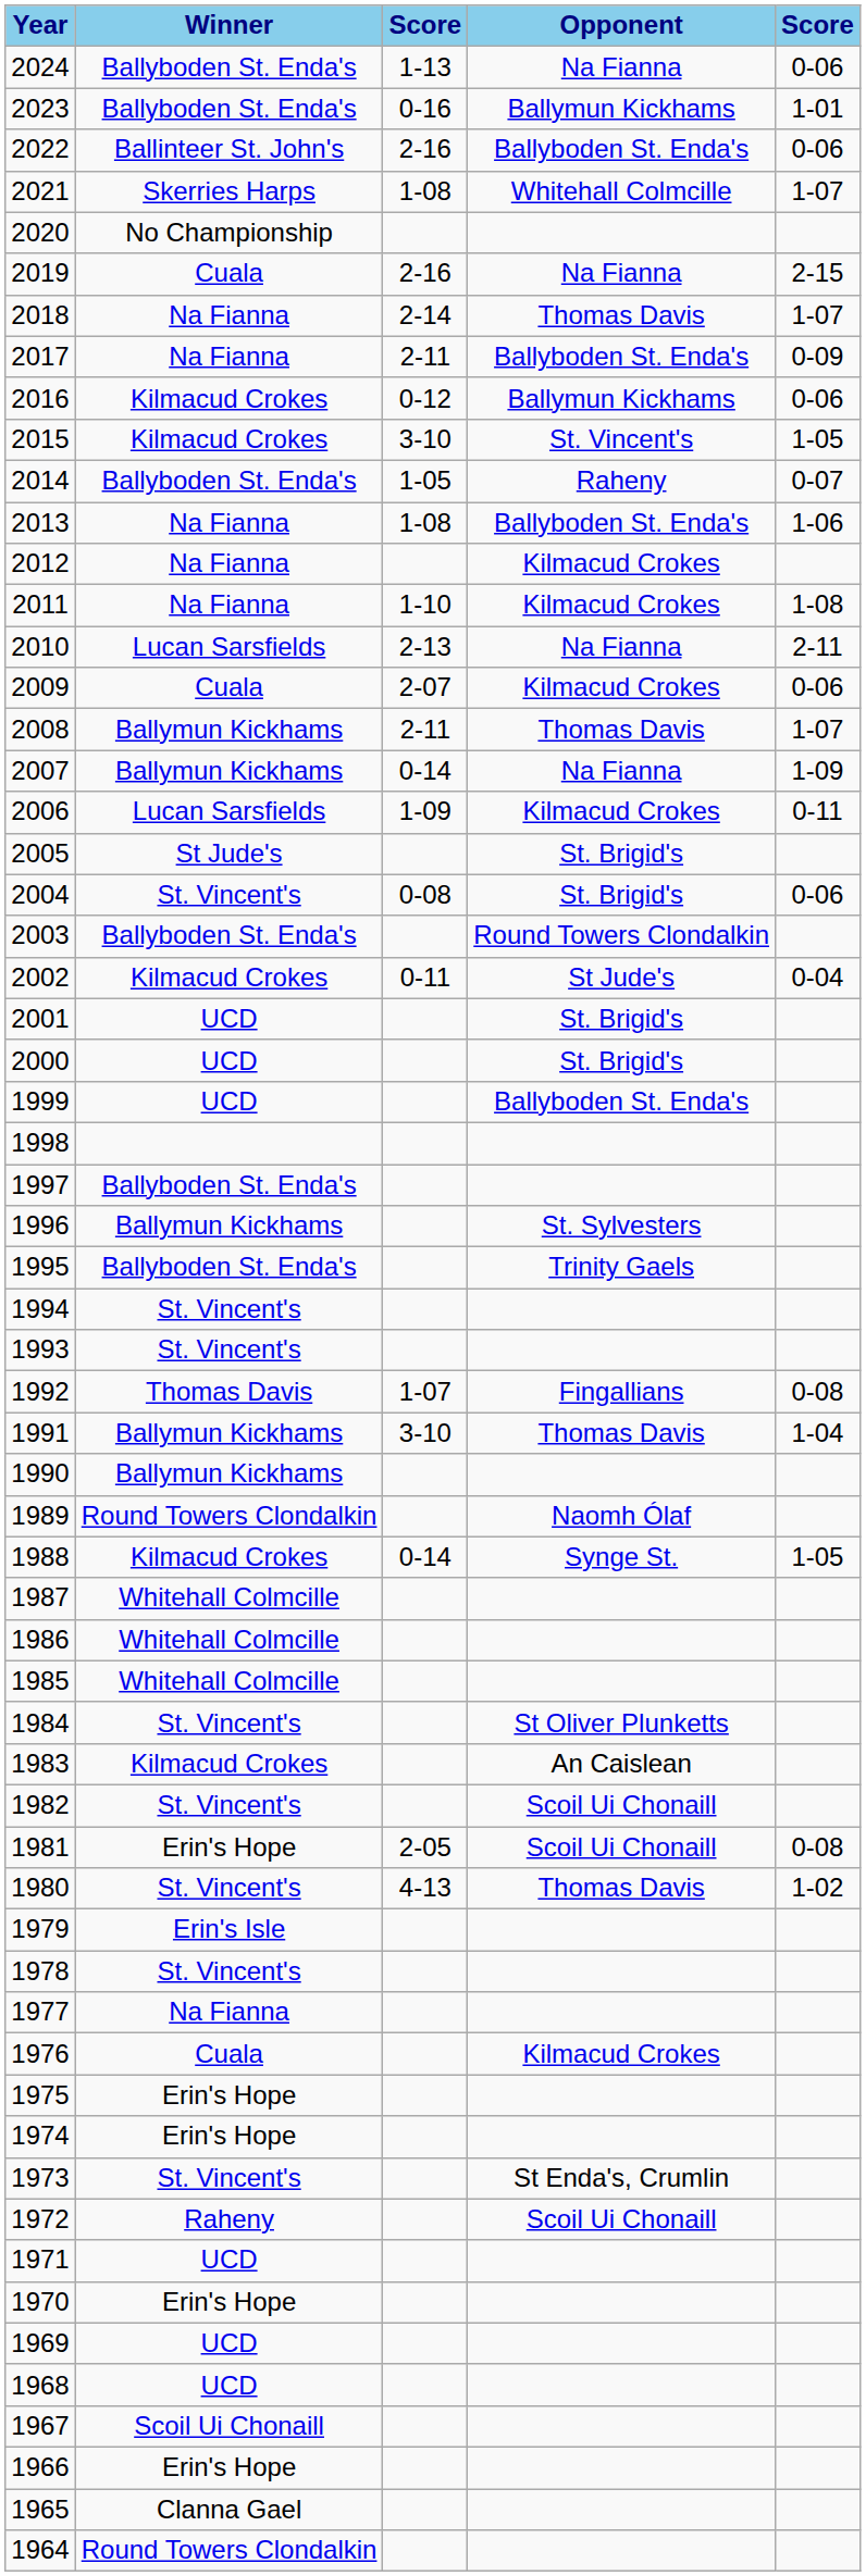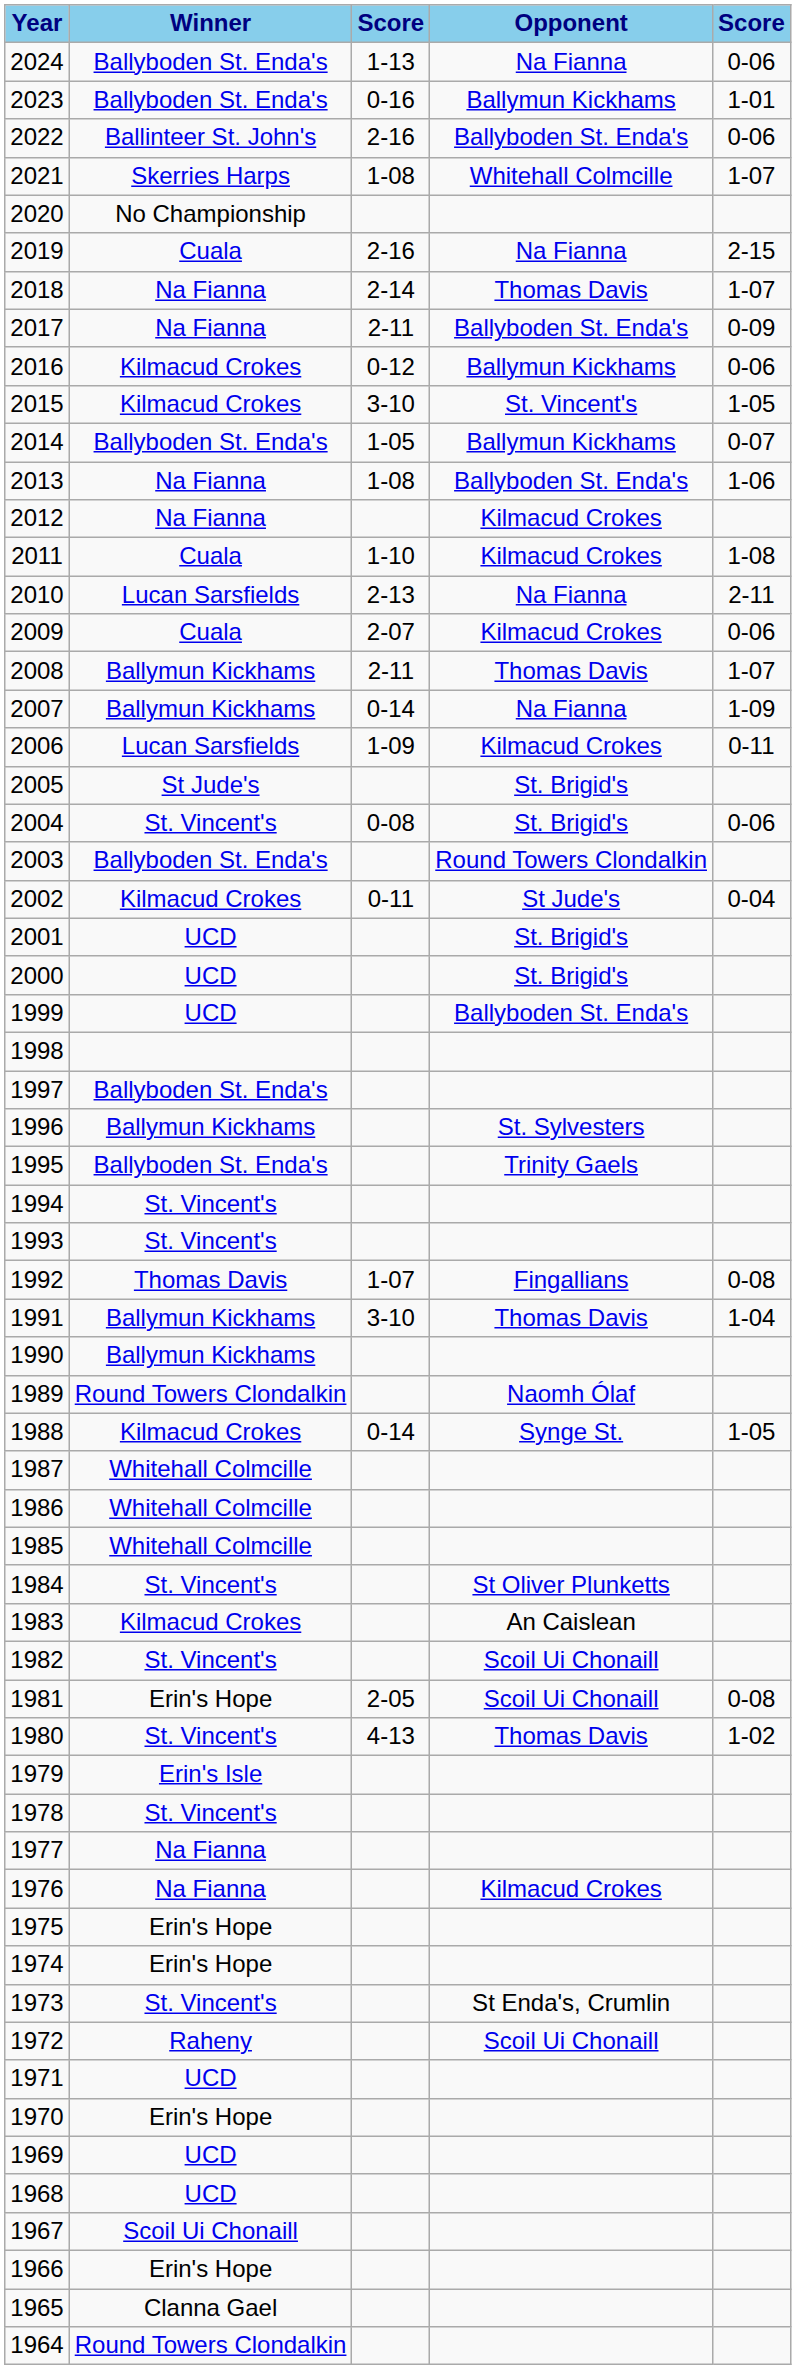 <table class="wikitable" style="text-align:center;">
 <tr>
 <th style="background:skyblue;color:navy;">Year</th>
 <th style="background:skyblue;color:navy;">Winner</th>
 <th style="background:skyblue;color:navy;">Score</th>
 <th style="background:skyblue;color:navy;">Opponent</th>
 <th style="background:skyblue;color:navy;">Score</th>
 </tr>
 <tr>
 <td>2024</td>
 <td><a href='#'>Ballyboden St. Enda's</a></td>
 <td>1-13</td>
 <td><a href='#'>Na Fianna</a></td>
 <td>0-06</td>
 </tr>
 <tr>
 <td>2023</td>
 <td><a href='#'>Ballyboden St. Enda's</a></td>
 <td>0-16</td>
 <td><a href='#'>Ballymun Kickhams</a></td>
 <td>1-01</td>
 </tr>
 <tr>
 <td>2022</td>
 <td><a href='#'>Ballinteer St. John's</a></td>
 <td>2-16</td>
 <td><a href='#'>Ballyboden St. Enda's</a></td>
 <td>0-06</td>
 </tr>
 <tr>
 <td>2021</td>
 <td><a href='#'>Skerries Harps</a></td>
 <td>1-08</td>
 <td><a href='#'>Whitehall Colmcille</a></td>
 <td>1-07</td>
 </tr>
 <tr>
 <td>2020</td>
 <td>No Championship</td>
 <td></td>
 <td></td>
 <td></td>
 </tr>
 <tr>
 <td>2019</td>
 <td><a href='#'>Cuala</a></td>
 <td>2-16</td>
 <td><a href='#'>Na Fianna</a></td>
 <td>2-15</td>
 </tr>
 <tr>
 <td>2018</td>
 <td><a href='#'>Na Fianna</a></td>
 <td>2-14</td>
 <td><a href='#'>Thomas Davis</a></td>
 <td>1-07</td>
 </tr>
 <tr>
 <td>2017</td>
 <td><a href='#'>Na Fianna</a></td>
 <td>2-11</td>
 <td><a href='#'>Ballyboden St. Enda's</a></td>
 <td>0-09</td>
 </tr>
 <tr>
 <td>2016</td>
 <td><a href='#'>Kilmacud Crokes</a></td>
 <td>0-12</td>
 <td><a href='#'>Ballymun Kickhams</a></td>
 <td>0-06</td>
 </tr>
 <tr>
 <td>2015</td>
 <td><a href='#'>Kilmacud Crokes</a></td>
 <td>3-10</td>
 <td><a href='#'>St. Vincent's</a></td>
 <td>1-05</td>
 </tr>
 <tr>
 <td>2014</td>
 <td><a href='#'>Ballyboden St. Enda's</a></td>
 <td>1-05</td>
-<td><a href='#'>Raheny</a></td>
+<td><a href='#'>Ballymun Kickhams</a></td>
 <td>0-07</td>
 </tr>
 <tr>
 <td>2013</td>
 <td><a href='#'>Na Fianna</a></td>
 <td>1-08</td>
 <td><a href='#'>Ballyboden St. Enda's</a></td>
 <td>1-06</td>
 </tr>
 <tr>
 <td>2012</td>
 <td><a href='#'>Na Fianna</a></td>
 <td></td>
 <td><a href='#'>Kilmacud Crokes</a></td>
 <td></td>
 </tr>
 <tr>
 <td>2011</td>
-<td><a href='#'>Na Fianna</a></td>
+<td><a href='#'>Cuala</a></td>
 <td>1-10</td>
 <td><a href='#'>Kilmacud Crokes</a></td>
 <td>1-08</td>
 </tr>
 <tr>
 <td>2010</td>
 <td><a href='#'>Lucan Sarsfields</a></td>
 <td>2-13</td>
 <td><a href='#'>Na Fianna</a></td>
 <td>2-11</td>
 </tr>
 <tr>
 <td>2009</td>
 <td><a href='#'>Cuala</a></td>
 <td>2-07</td>
 <td><a href='#'>Kilmacud Crokes</a></td>
 <td>0-06</td>
 </tr>
 <tr>
 <td>2008</td>
 <td><a href='#'>Ballymun Kickhams</a></td>
 <td>2-11</td>
 <td><a href='#'>Thomas Davis</a></td>
 <td>1-07</td>
 </tr>
 <tr>
 <td>2007</td>
 <td><a href='#'>Ballymun Kickhams</a></td>
 <td>0-14</td>
 <td><a href='#'>Na Fianna</a></td>
 <td>1-09</td>
 </tr>
 <tr>
 <td>2006</td>
 <td><a href='#'>Lucan Sarsfields</a></td>
 <td>1-09</td>
 <td><a href='#'>Kilmacud Crokes</a></td>
 <td>0-11</td>
 </tr>
 <tr>
 <td>2005</td>
 <td><a href='#'>St Jude's</a></td>
 <td></td>
 <td><a href='#'>St. Brigid's</a></td>
 <td></td>
 </tr>
 <tr>
 <td>2004</td>
 <td><a href='#'>St. Vincent's</a></td>
 <td>0-08</td>
 <td><a href='#'>St. Brigid's</a></td>
 <td>0-06</td>
 </tr>
 <tr>
 <td>2003</td>
 <td><a href='#'>Ballyboden St. Enda's</a></td>
 <td></td>
 <td><a href='#'>Round Towers Clondalkin</a></td>
 <td></td>
 </tr>
 <tr>
 <td>2002</td>
 <td><a href='#'>Kilmacud Crokes</a></td>
 <td>0-11</td>
 <td><a href='#'>St Jude's</a></td>
 <td>0-04</td>
 </tr>
 <tr>
 <td>2001</td>
 <td><a href='#'>UCD</a></td>
 <td></td>
 <td><a href='#'>St. Brigid's</a></td>
 <td></td>
 </tr>
 <tr>
 <td>2000</td>
 <td><a href='#'>UCD</a></td>
 <td></td>
 <td><a href='#'>St. Brigid's</a></td>
 <td></td>
 </tr>
 <tr>
 <td>1999</td>
 <td><a href='#'>UCD</a></td>
 <td></td>
 <td><a href='#'>Ballyboden St. Enda's</a></td>
 <td></td>
 </tr>
 <tr>
 <td>1998</td>
 <td></td>
 <td></td>
 <td></td>
 <td></td>
 </tr>
 <tr>
 <td>1997</td>
 <td><a href='#'>Ballyboden St. Enda's</a></td>
 <td></td>
 <td></td>
 <td></td>
 </tr>
 <tr>
 <td>1996</td>
 <td><a href='#'>Ballymun Kickhams</a></td>
 <td></td>
 <td><a href='#'>St. Sylvesters</a></td>
 <td></td>
 </tr>
 <tr>
 <td>1995</td>
 <td><a href='#'>Ballyboden St. Enda's</a></td>
 <td></td>
 <td><a href='#'>Trinity Gaels</a></td>
 <td></td>
 </tr>
 <tr>
 <td>1994</td>
 <td><a href='#'>St. Vincent's</a></td>
 <td></td>
 <td></td>
 <td></td>
 </tr>
 <tr>
 <td>1993</td>
 <td><a href='#'>St. Vincent's</a></td>
 <td></td>
 <td></td>
 <td></td>
 </tr>
 <tr>
 <td>1992</td>
 <td><a href='#'>Thomas Davis</a></td>
 <td>1-07</td>
 <td><a href='#'>Fingallians</a></td>
 <td>0-08</td>
 </tr>
 <tr>
 <td>1991</td>
 <td><a href='#'>Ballymun Kickhams</a></td>
 <td>3-10</td>
 <td><a href='#'>Thomas Davis</a></td>
 <td>1-04</td>
 </tr>
 <tr>
 <td>1990</td>
 <td><a href='#'>Ballymun Kickhams</a></td>
 <td></td>
 <td></td>
 <td></td>
 </tr>
 <tr>
 <td>1989</td>
 <td><a href='#'>Round Towers Clondalkin</a></td>
 <td></td>
 <td><a href='#'>Naomh Ólaf</a></td>
 <td></td>
 </tr>
 <tr>
 <td>1988</td>
 <td><a href='#'>Kilmacud Crokes</a></td>
 <td>0-14</td>
 <td><a href='#'>Synge St.</a></td>
 <td>1-05</td>
 </tr>
 <tr>
 <td>1987</td>
 <td><a href='#'>Whitehall Colmcille</a></td>
 <td></td>
 <td></td>
 <td></td>
 </tr>
 <tr>
 <td>1986</td>
 <td><a href='#'>Whitehall Colmcille</a></td>
 <td></td>
 <td></td>
 <td></td>
 </tr>
 <tr>
 <td>1985</td>
 <td><a href='#'>Whitehall Colmcille</a></td>
 <td></td>
 <td></td>
 <td></td>
 </tr>
 <tr>
 <td>1984</td>
 <td><a href='#'>St. Vincent's</a></td>
 <td></td>
 <td><a href='#'>St Oliver Plunketts</a></td>
 <td></td>
 </tr>
 <tr>
 <td>1983</td>
 <td><a href='#'>Kilmacud Crokes</a></td>
 <td></td>
 <td>An Caislean</td>
 <td></td>
 </tr>
 <tr>
 <td>1982</td>
 <td><a href='#'>St. Vincent's</a></td>
 <td></td>
 <td><a href='#'>Scoil Ui Chonaill</a></td>
 <td></td>
 </tr>
 <tr>
 <td>1981</td>
 <td>Erin's Hope</td>
 <td>2-05</td>
 <td><a href='#'>Scoil Ui Chonaill</a></td>
 <td>0-08</td>
 </tr>
 <tr>
 <td>1980</td>
 <td><a href='#'>St. Vincent's</a></td>
 <td>4-13</td>
 <td><a href='#'>Thomas Davis</a></td>
 <td>1-02</td>
 </tr>
 <tr>
 <td>1979</td>
 <td><a href='#'>Erin's Isle</a></td>
 <td></td>
 <td></td>
 <td></td>
 </tr>
 <tr>
 <td>1978</td>
 <td><a href='#'>St. Vincent's</a></td>
 <td></td>
 <td></td>
 <td></td>
 </tr>
 <tr>
 <td>1977</td>
 <td><a href='#'>Na Fianna</a></td>
 <td></td>
 <td></td>
 <td></td>
 </tr>
 <tr>
 <td>1976</td>
-<td><a href='#'>Cuala</a></td>
+<td><a href='#'>Na Fianna</a></td>
 <td></td>
 <td><a href='#'>Kilmacud Crokes</a></td>
 <td></td>
 </tr>
 <tr>
 <td>1975</td>
 <td>Erin's Hope</td>
 <td></td>
 <td></td>
 <td></td>
 </tr>
 <tr>
 <td>1974</td>
 <td>Erin's Hope</td>
 <td></td>
 <td></td>
 <td></td>
 </tr>
 <tr>
 <td>1973</td>
 <td><a href='#'>St. Vincent's</a></td>
 <td></td>
 <td>St Enda's, Crumlin</td>
 <td></td>
 </tr>
 <tr>
 <td>1972</td>
 <td><a href='#'>Raheny</a></td>
 <td></td>
 <td><a href='#'>Scoil Ui Chonaill</a></td>
 <td></td>
 </tr>
 <tr>
 <td>1971</td>
 <td><a href='#'>UCD</a></td>
 <td></td>
 <td></td>
 <td></td>
 </tr>
 <tr>
 <td>1970</td>
 <td>Erin's Hope</td>
 <td></td>
 <td></td>
 <td></td>
 </tr>
 <tr>
 <td>1969</td>
 <td><a href='#'>UCD</a></td>
 <td></td>
 <td></td>
 <td></td>
 </tr>
 <tr>
 <td>1968</td>
 <td><a href='#'>UCD</a></td>
 <td></td>
 <td></td>
 <td></td>
 </tr>
 <tr>
 <td>1967</td>
 <td><a href='#'>Scoil Ui Chonaill</a></td>
 <td></td>
 <td></td>
 <td></td>
 </tr>
 <tr>
 <td>1966</td>
 <td>Erin's Hope</td>
 <td></td>
 <td></td>
 <td></td>
 </tr>
 <tr>
 <td>1965</td>
 <td>Clanna Gael</td>
 <td></td>
 <td></td>
 <td></td>
 </tr>
 <tr>
 <td>1964</td>
 <td><a href='#'>Round Towers Clondalkin</a></td>
 <td></td>
 <td></td>
 <td></td>
 </tr>
 </table>
